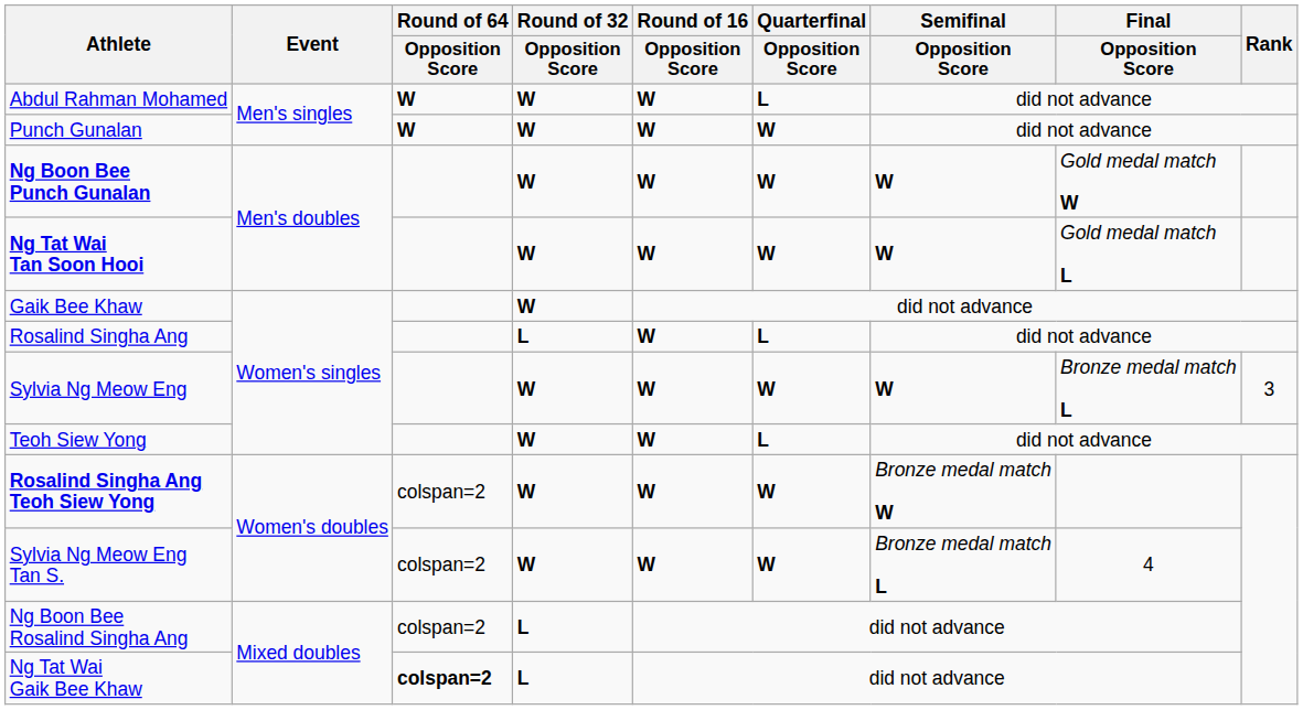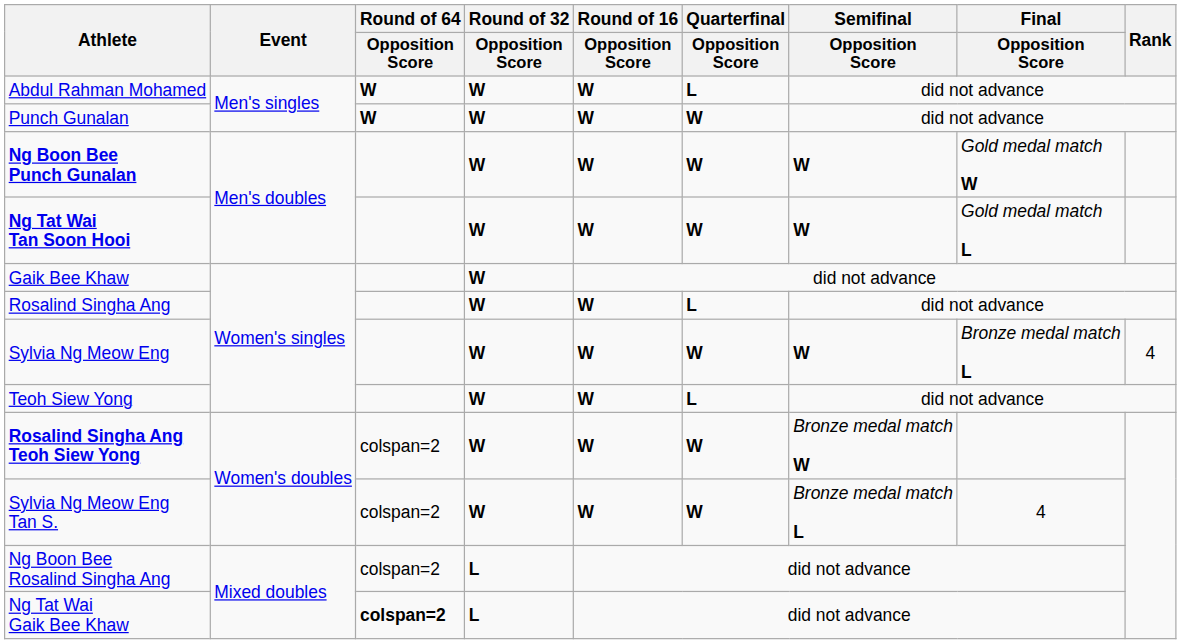 <table class="wikitable" style="font-size:90%">
 <tr>
 <th rowspan=2>Athlete</th>
 <th rowspan=2>Event</th>
 <th>Round of 64</th>
 <th>Round of 32</th>
 <th>Round of 16</th>
 <th>Quarterfinal</th>
 <th>Semifinal</th>
 <th>Final</th>
 <th rowspan=2>Rank</th>
 </tr>
 <tr style="font-size:95%">
 <th>Opposition<br>Score</th>
 <th>Opposition<br>Score</th>
 <th>Opposition<br>Score</th>
 <th>Opposition<br>Score</th>
 <th>Opposition<br>Score</th>
 <th>Opposition<br>Score</th>
 </tr>
 <tr>
 <td><a href='#'>Abdul Rahman Mohamed</a></td>
 <td rowspan=2><a href='#'>Men's singles</a></td>
 <td><strong>W</strong></td>
 <td><strong>W</strong></td>
 <td><strong>W</strong></td>
 <td><strong>L</strong></td>
 <td align=center colspan=3>did not advance</td>
 </tr>
 <tr>
 <td><a href='#'>Punch Gunalan</a></td>
 <td><strong>W</strong></td>
 <td><strong>W</strong></td>
 <td><strong>W</strong></td>
 <td><strong>W</strong></td>
 <td align=center colspan=3>did not advance</td>
 </tr>
 <tr>
 <td><strong><a href='#'>Ng Boon Bee</a><br><a href='#'>Punch Gunalan</a></strong></td>
 <td rowspan=2><a href='#'>Men's doubles</a></td>
 <td></td>
 <td><strong>W</strong></td>
 <td><strong>W</strong></td>
 <td><strong>W</strong></td>
 <td><strong>W</strong></td>
 <td><em>Gold medal match</em><br><br><strong>W</strong></td>
 <td align=center></td>
 </tr>
 <tr>
 <td><strong><a href='#'>Ng Tat Wai</a><br><a href='#'>Tan Soon Hooi</a></strong></td>
 <td></td>
 <td><strong>W</strong></td>
 <td><strong>W</strong></td>
 <td><strong>W</strong></td>
 <td><strong>W</strong></td>
 <td><em>Gold medal match</em><br><br><strong>L</strong></td>
 <td align=center></td>
 </tr>
 <tr>
 <td><a href='#'>Gaik Bee Khaw</a></td>
 <td rowspan=4><a href='#'>Women's singles</a></td>
 <td></td>
 <td><strong>W</strong></td>
 <td align=center colspan=5>did not advance</td>
 </tr>
 <tr>
 <td><a href='#'>Rosalind Singha Ang</a></td>
 <td></td>
-<td><strong>L</strong></td>
+<td><strong>W</strong></td>
 <td><strong>W</strong></td>
 <td><strong>L</strong></td>
 <td align=center colspan=3>did not advance</td>
 </tr>
 <tr>
 <td><a href='#'>Sylvia Ng Meow Eng</a></td>
 <td></td>
 <td><strong>W</strong></td>
 <td><strong>W</strong></td>
 <td><strong>W</strong></td>
 <td><strong>W</strong></td>
 <td><em>Bronze medal match</em><br><br><strong>L</strong></td>
-<td align=center>3</td>
+<td align=center>4</td>
 </tr>
 <tr>
 <td><a href='#'>Teoh Siew Yong</a></td>
 <td></td>
 <td><strong>W</strong></td>
 <td><strong>W</strong></td>
 <td><strong>L</strong></td>
 <td align=center colspan=3>did not advance</td>
 </tr>
 <tr>
 <td><strong><a href='#'>Rosalind Singha Ang</a><br><a href='#'>Teoh Siew Yong</a></strong></td>
 <td rowspan=2><a href='#'>Women's doubles</a></td>
 <td>colspan=2 </td>
 <td><strong>W</strong></td>
 <td><strong>W</strong></td>
 <td><strong>W</strong></td>
 <td><em>Bronze medal match</em><br><br><strong>W</strong></td>
 <td align=center></td>
 </tr>
 <tr>
 <td><a href='#'>Sylvia Ng Meow Eng</a><br><a href='#'>Tan S.</a></td>
 <td>colspan=2 </td>
 <td><strong>W</strong></td>
 <td><strong>W</strong></td>
 <td><strong>W</strong></td>
 <td><em>Bronze medal match</em><br><br><strong>L</strong></td>
 <td align=center>4</td>
 </tr>
 <tr>
 <td><a href='#'>Ng Boon Bee</a><br><a href='#'>Rosalind Singha Ang</a></td>
 <td rowspan=2><a href='#'>Mixed doubles</a></td>
 <td>colspan=2 </td>
 <td><strong>L</strong></td>
 <td align=center colspan=4>did not advance</td>
 </tr>
 <tr>
 <td><a href='#'>Ng Tat Wai</a><br><a href='#'>Gaik Bee Khaw</a></td>
 <td><strong>colspan=2 </strong></td>
 <td><strong>L</strong></td>
 <td align=center colspan=4>did not advance</td>
 </tr>
 </table>
